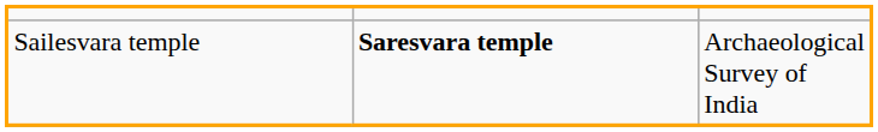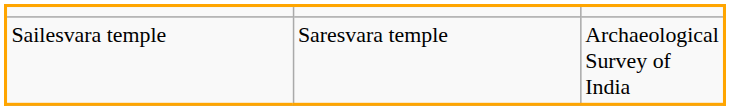 <table class="wikitable" align="center" width="30%" style="font-size:90%; border:2px solid orange;">
 <tr>
 <td width="40%" align="center" valign="center"></td>
 <td width="40%" align="center" valign="center"></td>
 <td width="40%" align="center" valign="center"></td>
 </tr>
 <tr>
 <td valign="top">Sailesvara temple</td>
-<td valign="top"><strong>Saresvara temple</strong></td>
+<td valign="top">Saresvara temple</td>
 <td valign="top">Archaeological Survey of India</td>
 </tr>
 <tr>
 </tr>
 </table>
